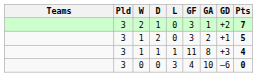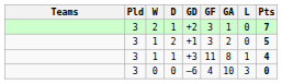 <table class="wikitable" style="text-align: center;">
 <tr>
 <th width=165>Teams</th>
 <th width=20>Pld</th>
 <th width=20>W</th>
 <th width=20>D</th>
-<th width=20>L</th>
+<th width=20>GD</th>
 <th width=20>GF</th>
 <th width=20>GA</th>
-<th width=20>GD</th>
+<th width=20>L</th>
 <th width=20>Pts</th>
 </tr>
 <tr align=center style="background:#ccffcc;">
 <td style="text-align:left;"></td>
 <td>3</td>
 <td>2</td>
 <td>1</td>
-<td>0</td>
+<td>+2</td>
 <td>3</td>
 <td>1</td>
-<td>+2</td>
+<td>0</td>
 <td><strong>7</strong></td>
 </tr>
 <tr align=center>
 <td style="text-align:left;"></td>
 <td>3</td>
 <td>1</td>
 <td>2</td>
-<td>0</td>
+<td>+1</td>
 <td>3</td>
 <td>2</td>
-<td>+1</td>
+<td>0</td>
 <td><strong>5</strong></td>
 </tr>
 <tr align=center>
 <td style="text-align:left;"></td>
 <td>3</td>
 <td>1</td>
 <td>1</td>
-<td>1</td>
+<td>+3</td>
 <td>11</td>
 <td>8</td>
-<td>+3</td>
+<td>1</td>
 <td><strong>4</strong></td>
 </tr>
 <tr align=center>
 <td style="text-align:left;"></td>
 <td>3</td>
 <td>0</td>
 <td>0</td>
-<td>3</td>
+<td>–6</td>
 <td>4</td>
 <td>10</td>
-<td>–6</td>
+<td>3</td>
 <td><strong>0</strong></td>
 </tr>
 </table>
